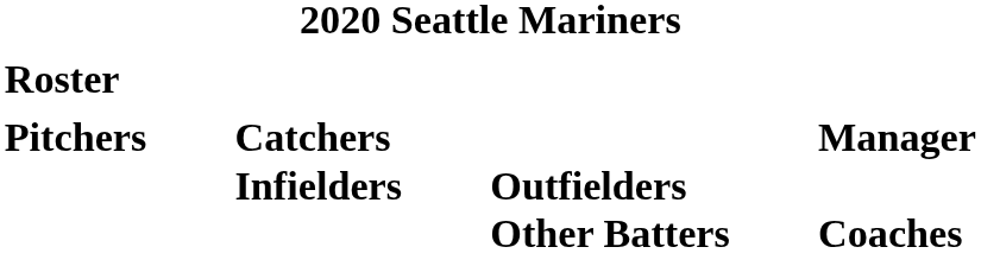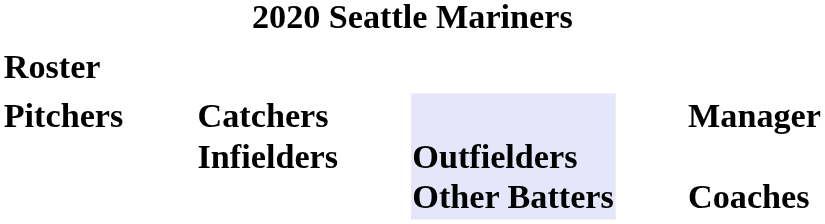 <table class="toccolours" style="font-size: 95%;">
 <tr>
 <th colspan="10">2020 Seattle Mariners</th>
 </tr>
 <tr>
 <td colspan="10"><strong>Roster</strong></td>
 </tr>
 <tr>
 <td valign="top"><strong>Pitchers</strong><br>                           </td>
 <td style="width:25px;"></td>
 <td valign="top"><strong>Catchers</strong><br>    <strong>Infielders</strong>       </td>
 <td style="width:25px;"></td>
-<td valign="top"><br><strong>Outfielders</strong>         <br><strong>Other Batters</strong> </td>
+<td valign="top" style="background: lavender;"><br><strong>Outfielders</strong>         <br><strong>Other Batters</strong> </td>
 <td style="width:25px;"></td>
 <td valign="top"><strong>Manager</strong><br><br><strong>Coaches</strong>                   </td>
 </tr>
 </table>
